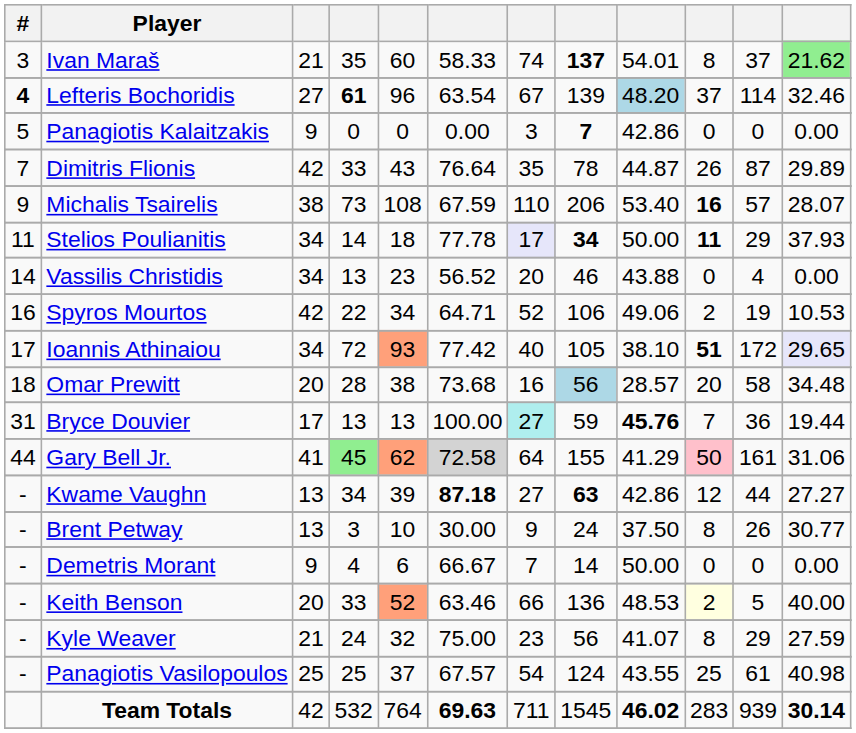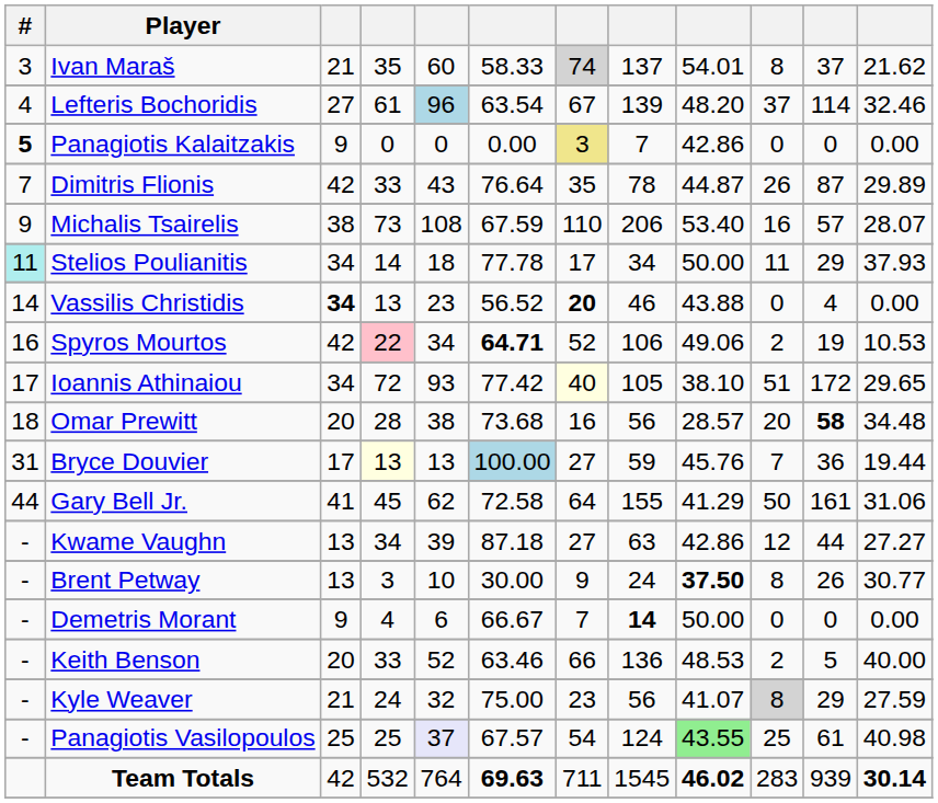 <table class="wikitable sortable" style="font-size:90%; text-align:center;">
 <tr>
 <th>#</th>
 <th>Player</th>
 <th></th>
 <th></th>
 <th></th>
 <th></th>
 <th></th>
 <th></th>
 <th></th>
 <th></th>
 <th></th>
 <th></th>
 </tr>
 <tr>
 <td>3</td>
 <td align="left"> <a href='#'>Ivan Maraš</a></td>
 <td>21</td>
 <td>35</td>
 <td>60</td>
 <td>58.33</td>
-<td>74</td>
-<td><strong>137</strong></td>
+<td style="background: lightgrey;">74</td>
+<td>137</td>
 <td>54.01</td>
 <td>8</td>
 <td>37</td>
-<td style="background: lightgreen;">21.62</td>
+<td>21.62</td>
 </tr>
 <tr>
 </tr>
 <tr>
-<td><strong>4</strong></td>
+<td>4</td>
 <td align="left"> <a href='#'>Lefteris Bochoridis</a></td>
 <td>27</td>
-<td><strong>61</strong></td>
-<td>96</td>
+<td>61</td>
+<td style="background: lightblue;">96</td>
 <td>63.54</td>
 <td>67</td>
 <td>139</td>
-<td style="background: lightblue;">48.20</td>
+<td>48.20</td>
 <td>37</td>
 <td>114</td>
 <td>32.46</td>
 </tr>
 <tr>
 </tr>
 <tr>
-<td>5</td>
+<td><strong>5</strong></td>
 <td align="left"> <a href='#'>Panagiotis Kalaitzakis</a></td>
 <td>9</td>
 <td>0</td>
 <td>0</td>
 <td>0.00</td>
-<td>3</td>
-<td><strong>7</strong></td>
+<td style="background: khaki;">3</td>
+<td>7</td>
 <td>42.86</td>
 <td>0</td>
 <td>0</td>
 <td>0.00</td>
 </tr>
 <tr>
 </tr>
 <tr>
 <td>7</td>
 <td align="left"> <a href='#'>Dimitris Flionis</a></td>
 <td>42</td>
 <td>33</td>
 <td>43</td>
 <td>76.64</td>
 <td>35</td>
 <td>78</td>
 <td>44.87</td>
 <td>26</td>
 <td>87</td>
 <td>29.89</td>
 </tr>
 <tr>
 </tr>
 <tr>
 <td>9</td>
 <td align="left"> <a href='#'>Michalis Tsairelis</a></td>
 <td>38</td>
 <td>73</td>
 <td>108</td>
 <td>67.59</td>
 <td>110</td>
 <td>206</td>
 <td>53.40</td>
-<td><strong>16</strong></td>
+<td>16</td>
 <td>57</td>
 <td>28.07</td>
 </tr>
 <tr>
 </tr>
 <tr>
-<td>11</td>
+<td style="background: paleturquoise;">11</td>
 <td align="left"> <a href='#'>Stelios Poulianitis</a></td>
 <td>34</td>
 <td>14</td>
 <td>18</td>
 <td>77.78</td>
-<td style="background: lavender;">17</td>
-<td><strong>34</strong></td>
+<td>17</td>
+<td>34</td>
 <td>50.00</td>
-<td><strong>11</strong></td>
+<td>11</td>
 <td>29</td>
 <td>37.93</td>
 </tr>
 <tr>
 </tr>
 <tr>
 <td>14</td>
 <td align="left"> <a href='#'>Vassilis Christidis</a></td>
-<td>34</td>
+<td><strong>34</strong></td>
 <td>13</td>
 <td>23</td>
 <td>56.52</td>
-<td>20</td>
+<td><strong>20</strong></td>
 <td>46</td>
 <td>43.88</td>
 <td>0</td>
 <td>4</td>
 <td>0.00</td>
 </tr>
 <tr>
 </tr>
 <tr>
 <td>16</td>
 <td align="left"> <a href='#'>Spyros Mourtos</a></td>
 <td>42</td>
-<td>22</td>
+<td style="background: pink;">22</td>
 <td>34</td>
-<td>64.71</td>
+<td><strong>64.71</strong></td>
 <td>52</td>
 <td>106</td>
 <td>49.06</td>
 <td>2</td>
 <td>19</td>
 <td>10.53</td>
 </tr>
 <tr>
 </tr>
 <tr>
 <td>17</td>
 <td align="left"> <a href='#'>Ioannis Athinaiou</a></td>
 <td>34</td>
 <td>72</td>
-<td style="background: lightsalmon;">93</td>
+<td>93</td>
 <td>77.42</td>
-<td>40</td>
+<td style="background: lightyellow;">40</td>
 <td>105</td>
 <td>38.10</td>
-<td><strong>51</strong></td>
+<td>51</td>
 <td>172</td>
-<td style="background: lavender;">29.65</td>
+<td>29.65</td>
 </tr>
 <tr>
 </tr>
 <tr>
 <td>18</td>
 <td align="left"> <a href='#'>Omar Prewitt</a></td>
 <td>20</td>
 <td>28</td>
 <td>38</td>
 <td>73.68</td>
 <td>16</td>
-<td style="background: lightblue;">56</td>
+<td>56</td>
 <td>28.57</td>
 <td>20</td>
-<td>58</td>
+<td><strong>58</strong></td>
 <td>34.48</td>
 </tr>
 <tr>
 </tr>
 <tr>
 <td>31</td>
 <td align="left"> <a href='#'>Bryce Douvier</a></td>
 <td>17</td>
+<td style="background: lightyellow;">13</td>
 <td>13</td>
-<td>13</td>
-<td>100.00</td>
-<td style="background: paleturquoise;">27</td>
+<td style="background: lightblue;">100.00</td>
+<td>27</td>
 <td>59</td>
-<td><strong>45.76</strong></td>
+<td>45.76</td>
 <td>7</td>
 <td>36</td>
 <td>19.44</td>
 </tr>
 <tr>
 </tr>
 <tr>
 <td>44</td>
 <td align="left"> <a href='#'>Gary Bell Jr.</a></td>
 <td>41</td>
-<td style="background: lightgreen;">45</td>
-<td style="background: lightsalmon;">62</td>
-<td style="background: lightgrey;">72.58</td>
+<td>45</td>
+<td>62</td>
+<td>72.58</td>
 <td>64</td>
 <td>155</td>
 <td>41.29</td>
-<td style="background: pink;">50</td>
+<td>50</td>
 <td>161</td>
 <td>31.06</td>
 </tr>
 <tr>
 </tr>
 <tr>
 <td>-</td>
 <td align="left"> <a href='#'>Kwame Vaughn</a></td>
 <td>13</td>
 <td>34</td>
 <td>39</td>
-<td><strong>87.18</strong></td>
+<td>87.18</td>
 <td>27</td>
-<td><strong>63</strong></td>
+<td>63</td>
 <td>42.86</td>
 <td>12</td>
 <td>44</td>
 <td>27.27</td>
 </tr>
 <tr>
 </tr>
 <tr>
 <td>-</td>
 <td align="left"> <a href='#'>Brent Petway</a></td>
 <td>13</td>
 <td>3</td>
 <td>10</td>
 <td>30.00</td>
 <td>9</td>
 <td>24</td>
-<td>37.50</td>
+<td><strong>37.50</strong></td>
 <td>8</td>
 <td>26</td>
 <td>30.77</td>
 </tr>
 <tr>
 </tr>
 <tr>
 <td>-</td>
 <td align="left"> <a href='#'>Demetris Morant</a></td>
 <td>9</td>
 <td>4</td>
 <td>6</td>
 <td>66.67</td>
 <td>7</td>
-<td>14</td>
+<td><strong>14</strong></td>
 <td>50.00</td>
 <td>0</td>
 <td>0</td>
 <td>0.00</td>
 </tr>
 <tr>
 </tr>
 <tr>
 <td>-</td>
 <td align="left"> <a href='#'>Keith Benson</a></td>
 <td>20</td>
 <td>33</td>
-<td style="background: lightsalmon;">52</td>
+<td>52</td>
 <td>63.46</td>
 <td>66</td>
 <td>136</td>
 <td>48.53</td>
-<td style="background: lightyellow;">2</td>
+<td>2</td>
 <td>5</td>
 <td>40.00</td>
 </tr>
 <tr>
 </tr>
 <tr>
 <td>-</td>
 <td align="left"> <a href='#'>Kyle Weaver</a></td>
 <td>21</td>
 <td>24</td>
 <td>32</td>
 <td>75.00</td>
 <td>23</td>
 <td>56</td>
 <td>41.07</td>
-<td>8</td>
+<td style="background: lightgrey;">8</td>
 <td>29</td>
 <td>27.59</td>
 </tr>
 <tr>
 </tr>
 <tr>
 <td>-</td>
 <td align="left"> <a href='#'>Panagiotis Vasilopoulos</a></td>
 <td>25</td>
 <td>25</td>
-<td>37</td>
+<td style="background: lavender;">37</td>
 <td>67.57</td>
 <td>54</td>
 <td>124</td>
-<td>43.55</td>
+<td style="background: lightgreen;">43.55</td>
 <td>25</td>
 <td>61</td>
 <td>40.98</td>
 </tr>
 <tr>
 </tr>
 <tr>
 <td></td>
 <td><strong>Team Totals</strong></td>
 <td>42</td>
 <td>532</td>
 <td>764</td>
 <td><strong>69.63</strong></td>
 <td>711</td>
 <td>1545</td>
 <td><strong>46.02</strong></td>
 <td>283</td>
 <td>939</td>
 <td><strong>30.14</strong></td>
 </tr>
 <tr>
 </tr>
 </table>
